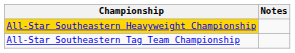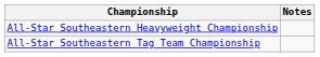 <table class="wikitable" style="font-size: 95%;">
 <tr>
 <th>Championship</th>
 <th>Notes</th>
 </tr>
 <tr>
-<td style="background: gold;"><a href='#'>All-Star Southeastern Heavyweight Championship</a></td>
+<td><a href='#'>All-Star Southeastern Heavyweight Championship</a></td>
 <td></td>
 </tr>
 <tr>
 <td><a href='#'>All-Star Southeastern Tag Team Championship</a></td>
 <td></td>
 </tr>
 </table>
